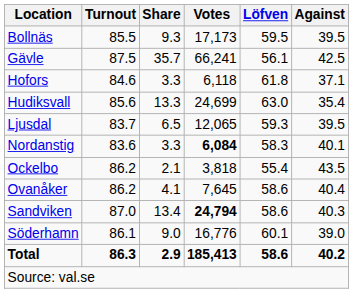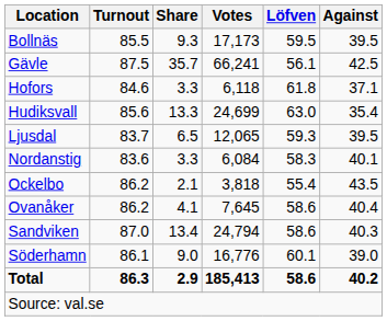 <table class="wikitable sortable" style=text-align:right>
 <tr>
 <th>Location</th>
 <th>Turnout</th>
 <th>Share</th>
 <th>Votes</th>
 <th><a href='#'>Löfven</a></th>
 <th>Against</th>
 </tr>
 <tr>
 <td align=left><a href='#'>Bollnäs</a></td>
 <td>85.5</td>
 <td>9.3</td>
 <td>17,173</td>
 <td>59.5</td>
 <td>39.5</td>
 </tr>
 <tr>
 <td align=left><a href='#'>Gävle</a></td>
 <td>87.5</td>
 <td>35.7</td>
 <td>66,241</td>
 <td>56.1</td>
 <td>42.5</td>
 </tr>
 <tr>
 <td align=left><a href='#'>Hofors</a></td>
 <td>84.6</td>
 <td>3.3</td>
 <td>6,118</td>
 <td>61.8</td>
 <td>37.1</td>
 </tr>
 <tr>
 <td align=left><a href='#'>Hudiksvall</a></td>
 <td>85.6</td>
 <td>13.3</td>
 <td>24,699</td>
 <td>63.0</td>
 <td>35.4</td>
 </tr>
 <tr>
 <td align=left><a href='#'>Ljusdal</a></td>
 <td>83.7</td>
 <td>6.5</td>
 <td>12,065</td>
 <td>59.3</td>
 <td>39.5</td>
 </tr>
 <tr>
 <td align=left><a href='#'>Nordanstig</a></td>
 <td>83.6</td>
 <td>3.3</td>
-<td><strong>6,084</strong></td>
+<td>6,084</td>
 <td>58.3</td>
 <td>40.1</td>
 </tr>
 <tr>
 <td align=left><a href='#'>Ockelbo</a></td>
 <td>86.2</td>
 <td>2.1</td>
 <td>3,818</td>
 <td>55.4</td>
 <td>43.5</td>
 </tr>
 <tr>
 <td align=left><a href='#'>Ovanåker</a></td>
 <td>86.2</td>
 <td>4.1</td>
 <td>7,645</td>
 <td>58.6</td>
 <td>40.4</td>
 </tr>
 <tr>
 <td align=left><a href='#'>Sandviken</a></td>
 <td>87.0</td>
 <td>13.4</td>
-<td><strong>24,794</strong></td>
+<td>24,794</td>
 <td>58.6</td>
 <td>40.3</td>
 </tr>
 <tr>
 <td align=left><a href='#'>Söderhamn</a></td>
 <td>86.1</td>
 <td>9.0</td>
 <td>16,776</td>
 <td>60.1</td>
 <td>39.0</td>
 </tr>
 <tr>
 <td align=left><strong>Total</strong></td>
 <td><strong>86.3</strong></td>
 <td><strong>2.9</strong></td>
 <td><strong>185,413</strong></td>
 <td><strong>58.6</strong></td>
 <td><strong>40.2</strong></td>
 </tr>
 <tr>
 <td align=left colspan=6>Source: val.se</td>
 </tr>
 </table>
